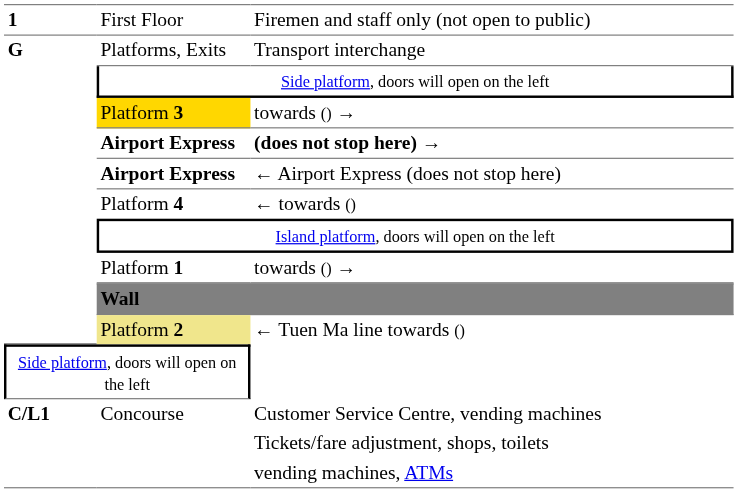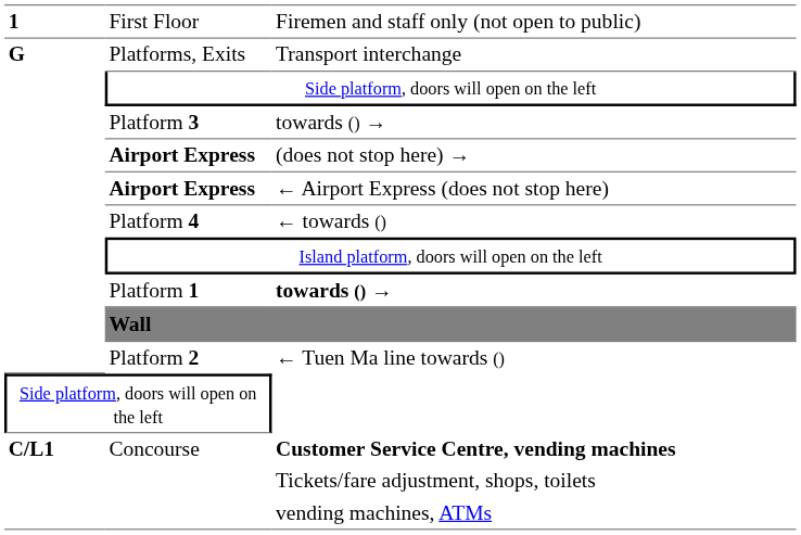 <table border=0 cellspacing=0 cellpadding=3>
 <tr>
 <td style="border-top:solid 1px gray;border-bottom:solid 1px gray;width:70px;vertical-align:top;" rowspan=1><strong>1</strong></td>
 <td style="border-top:solid 1px gray;border-bottom:solid 1px gray;width:120px;vertical-align:top;">First Floor</td>
 <td style="border-top:solid 1px gray;border-bottom:solid 1px gray;width:390px;vertical-align:top;">Firemen and staff only (not open to public)</td>
 </tr>
 <tr>
 <td style="border-bottom:solid 1px gray;vertical-align:top;" rowspan=11><strong>G</strong></td>
 <td style="border-bottom:solid 1px gray;vertical-align:top;">Platforms, Exits</td>
 <td style="border-bottom:solid 1px gray;vertical-align:top;">Transport interchange</td>
 </tr>
 <tr>
 <td style="border-right:solid 2px black;border-left:solid 2px black;border-bottom:solid 2px black;text-align:center;" colspan=2><small><a href='#'>Side platform</a>, doors will open on the left</small></td>
 </tr>
 <tr>
-<td style="background: gold; border-bottom:solid 1px gray;">Platform <span><strong>3</strong></span></td>
+<td style="border-bottom:solid 1px gray;">Platform <span><strong>3</strong></span></td>
 <td style="border-bottom:solid 1px gray;">  towards  <small>()</small> →</td>
 </tr>
 <tr>
 <td style="border-bottom:solid 1px gray;"><span><strong>Airport Express</strong></span></td>
-<td style="border-bottom:solid 1px gray;"><strong>  (does not stop here) →</strong></td>
+<td style="border-bottom:solid 1px gray;">  (does not stop here) →</td>
 </tr>
 <tr>
 <td style="border-bottom:solid 1px gray;"><span><strong>Airport Express</strong></span></td>
 <td style="border-bottom:solid 1px gray;">←  Airport Express (does not stop here)</td>
 </tr>
 <tr>
 <td>Platform <span><strong>4</strong></span></td>
 <td>←  towards  <small>()</small></td>
 </tr>
 <tr>
 <td style="border-top:solid 2px black;border-right:solid 2px black;border-left:solid 2px black;border-bottom:solid 2px black;text-align:center;" colspan=2><small><a href='#'>Island platform</a>, doors will open on the left</small></td>
 </tr>
 <tr>
 <td style="border-bottom:solid 1px gray;">Platform <span><strong>1</strong></span></td>
-<td style="border-bottom:solid 1px gray;">  towards  <small>()</small> →</td>
+<td style="border-bottom:solid 1px gray;"><strong>  towards  <small>()</small> →</strong></td>
 </tr>
 <tr>
 </tr>
 <tr bgcolor="grey">
 <td style="border-bottom:solid 1px gray;border-top:solid 1px gray;" colspan="2"><strong>Wall</strong></td>
 </tr>
 <tr>
-<td style="background: khaki;">Platform <span><strong>2</strong></span></td>
+<td>Platform <span><strong>2</strong></span></td>
 <td>←  Tuen Ma line towards  <small>()</small></td>
 </tr>
 <tr>
 <td style="border-top:solid 2px black;border-right:solid 2px black;border-left:solid 2px black;border-bottom:solid 1px gray;text-align:center;" colspan=2><small><a href='#'>Side platform</a>, doors will open on the left</small></td>
 </tr>
 <tr>
 <td style="border-bottom:solid 1px gray;vertical-align:top;" rowspan=3><strong>C/L1</strong></td>
 <td style="border-bottom:solid 1px gray;vertical-align:top;" rowspan=3>Concourse</td>
-<td>Customer Service Centre, vending machines</td>
+<td><strong>Customer Service Centre, vending machines</strong></td>
 </tr>
 <tr>
 <td>Tickets/fare adjustment, shops, toilets</td>
 </tr>
 <tr>
 <td style="border-bottom:solid 1px gray;">vending machines, <a href='#'>ATMs</a></td>
 </tr>
 </table>
